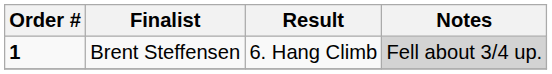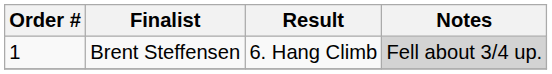 <table class="wikitable sortable">
 <tr>
 <th>Order #</th>
 <th>Finalist</th>
 <th>Result</th>
 <th>Notes</th>
 </tr>
 <tr>
-<td><strong>1</strong></td>
+<td>1</td>
 <td>Brent Steffensen</td>
 <td>6. Hang Climb</td>
 <td style="background: lightgrey;">Fell about 3/4 up.</td>
 </tr>
 <tr>
 </tr>
 </table>
